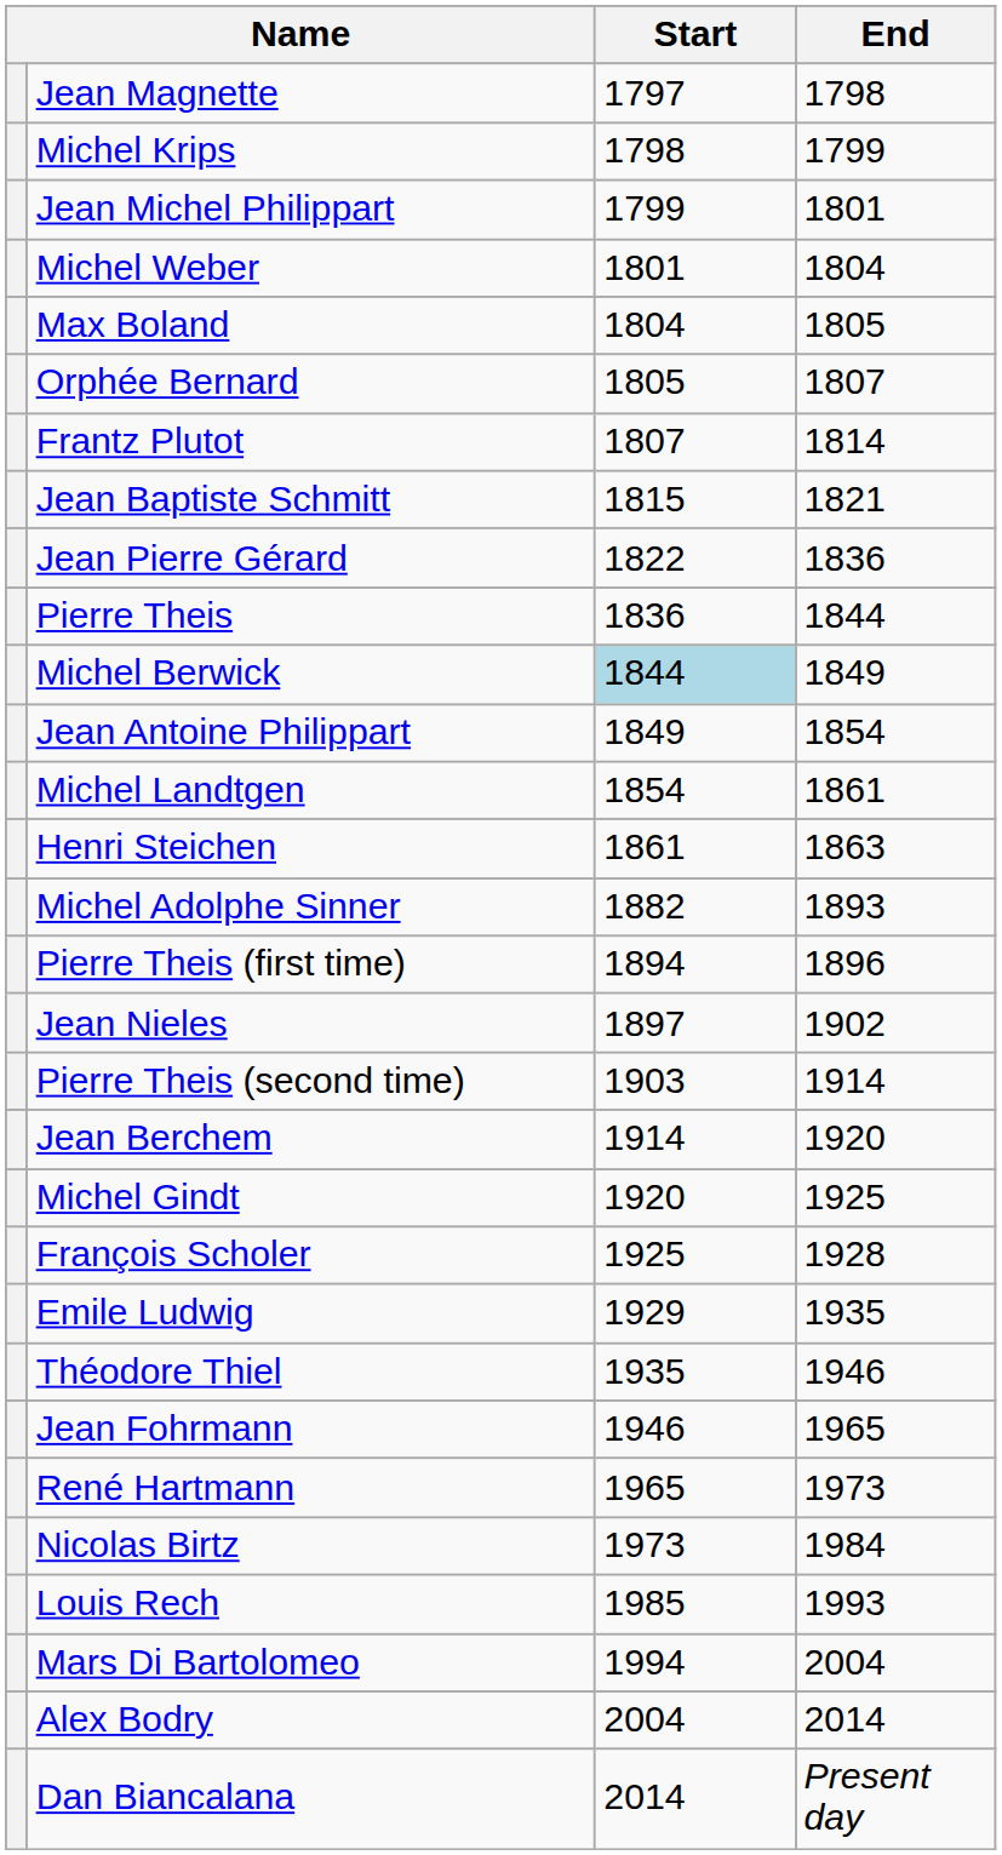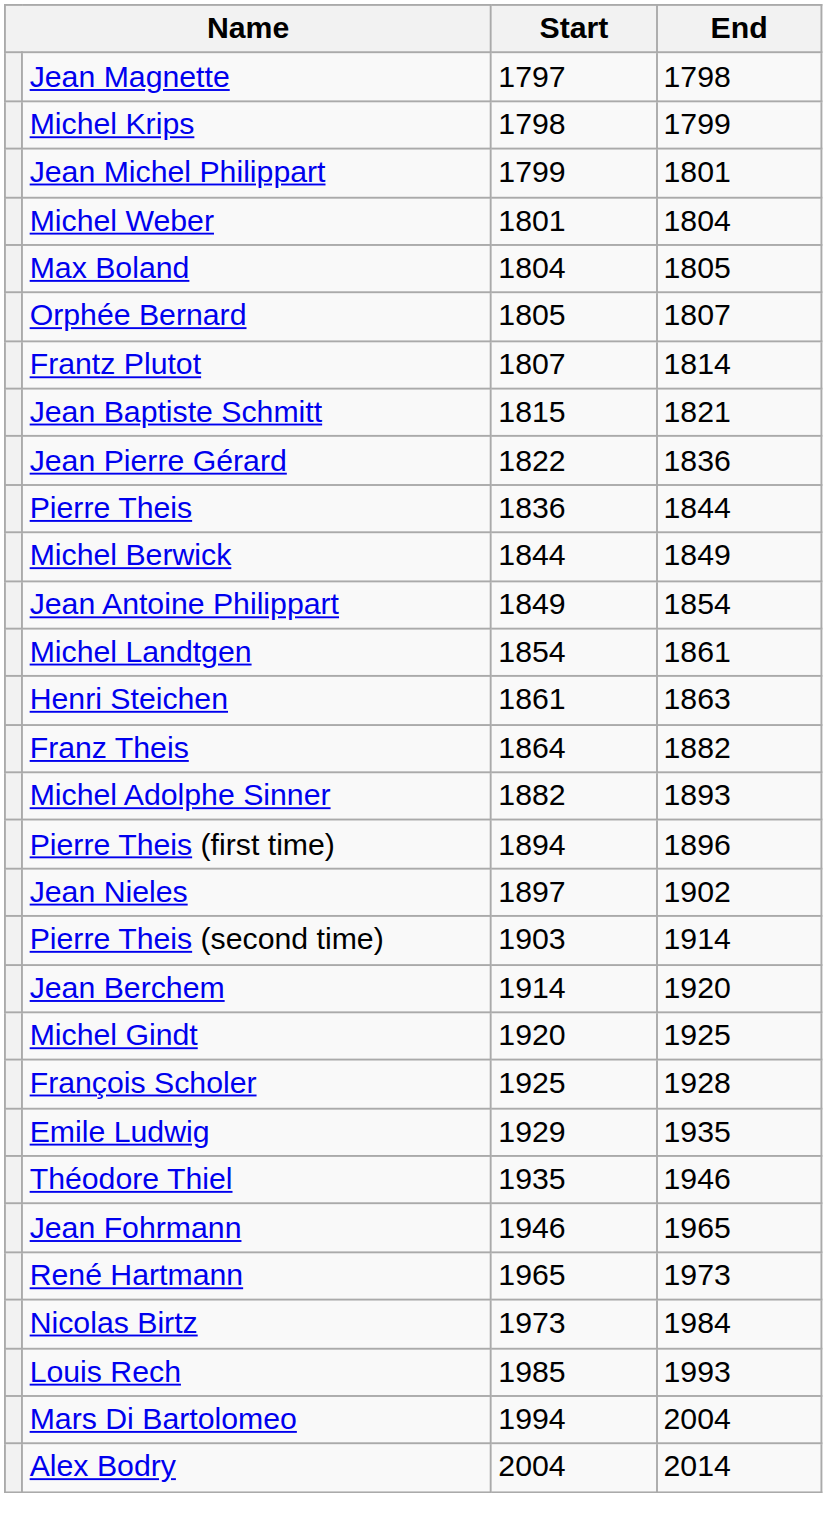 <table class="wikitable">
 <tr>
 <th colspan=2 width=250px>Name</th>
 <th width=80>Start</th>
 <th width=80>End</th>
 </tr>
 <tr>
 <th></th>
 <td><a href='#'>Jean Magnette</a></td>
 <td>1797</td>
 <td>1798</td>
 </tr>
 <tr>
 <th></th>
 <td><a href='#'>Michel Krips</a></td>
 <td>1798</td>
 <td>1799</td>
 </tr>
 <tr>
 <th></th>
 <td><a href='#'>Jean Michel Philippart</a></td>
 <td>1799</td>
 <td>1801</td>
 </tr>
 <tr>
 <th></th>
 <td><a href='#'>Michel Weber</a></td>
 <td>1801</td>
 <td>1804</td>
 </tr>
 <tr>
 <th></th>
 <td><a href='#'>Max Boland</a></td>
 <td>1804</td>
 <td>1805</td>
 </tr>
 <tr>
 <th></th>
 <td><a href='#'>Orphée Bernard</a></td>
 <td>1805</td>
 <td>1807</td>
 </tr>
 <tr>
 <th></th>
 <td><a href='#'>Frantz Plutot</a></td>
 <td>1807</td>
 <td>1814</td>
 </tr>
 <tr>
 <th></th>
 <td><a href='#'>Jean Baptiste Schmitt</a></td>
 <td>1815</td>
 <td>1821</td>
 </tr>
 <tr>
 <th></th>
 <td><a href='#'>Jean Pierre Gérard</a></td>
 <td>1822</td>
 <td>1836</td>
 </tr>
 <tr>
 <th></th>
 <td><a href='#'>Pierre Theis</a></td>
 <td>1836</td>
 <td>1844</td>
 </tr>
 <tr>
 <th></th>
 <td><a href='#'>Michel Berwick</a></td>
-<td style="background: lightblue;">1844</td>
+<td>1844</td>
 <td>1849</td>
 </tr>
 <tr>
 <th></th>
 <td><a href='#'>Jean Antoine Philippart</a></td>
 <td>1849</td>
 <td>1854</td>
 </tr>
 <tr>
 <th></th>
 <td><a href='#'>Michel Landtgen</a></td>
 <td>1854</td>
 <td>1861</td>
 </tr>
 <tr>
 <th></th>
 <td><a href='#'>Henri Steichen</a></td>
 <td>1861</td>
 <td>1863</td>
+</tr>
+<tr>
+<th></th>
+<td><a href='#'>Franz Theis</a></td>
+<td>1864</td>
+<td>1882</td>
 </tr>
 <tr>
 <th></th>
 <td><a href='#'>Michel Adolphe Sinner</a></td>
 <td>1882</td>
 <td>1893</td>
 </tr>
 <tr>
 <th></th>
 <td><a href='#'>Pierre Theis</a> (first time)</td>
 <td>1894</td>
 <td>1896</td>
 </tr>
 <tr>
 <th></th>
 <td><a href='#'>Jean Nieles</a></td>
 <td>1897</td>
 <td>1902</td>
 </tr>
 <tr>
 <th></th>
 <td><a href='#'>Pierre Theis</a> (second time)</td>
 <td>1903</td>
 <td>1914</td>
 </tr>
 <tr>
 <th></th>
 <td><a href='#'>Jean Berchem</a></td>
 <td>1914</td>
 <td>1920</td>
 </tr>
 <tr>
 <th></th>
 <td><a href='#'>Michel Gindt</a></td>
 <td>1920</td>
 <td>1925</td>
 </tr>
 <tr>
 <th></th>
 <td><a href='#'>François Scholer</a></td>
 <td>1925</td>
 <td>1928</td>
 </tr>
 <tr>
 <th></th>
 <td><a href='#'>Emile Ludwig</a></td>
 <td>1929</td>
 <td>1935</td>
 </tr>
 <tr>
 <th></th>
 <td><a href='#'>Théodore Thiel</a></td>
 <td>1935</td>
 <td>1946</td>
 </tr>
 <tr>
 <th style="background-color: "></th>
 <td><a href='#'>Jean Fohrmann</a></td>
 <td>1946</td>
 <td>1965</td>
 </tr>
 <tr>
 <th style="background-color: "></th>
 <td><a href='#'>René Hartmann</a></td>
 <td>1965</td>
 <td>1973</td>
 </tr>
 <tr>
 <th style="background-color: "></th>
 <td><a href='#'>Nicolas Birtz</a></td>
 <td>1973</td>
 <td>1984</td>
 </tr>
 <tr>
 <th style="background-color: "></th>
 <td><a href='#'>Louis Rech</a></td>
 <td>1985</td>
 <td>1993</td>
 </tr>
 <tr>
 <th style="background-color: "></th>
 <td><a href='#'>Mars Di Bartolomeo</a></td>
 <td>1994</td>
 <td>2004</td>
 </tr>
 <tr>
 <th style="background-color: "></th>
 <td><a href='#'>Alex Bodry</a></td>
 <td>2004</td>
 <td>2014</td>
 </tr>
-<tr>
-<th style="background-color: "></th>
-<td><a href='#'>Dan Biancalana</a></td>
-<td>2014</td>
-<td><em>Present day</em></td>
-</tr>
 </table>
